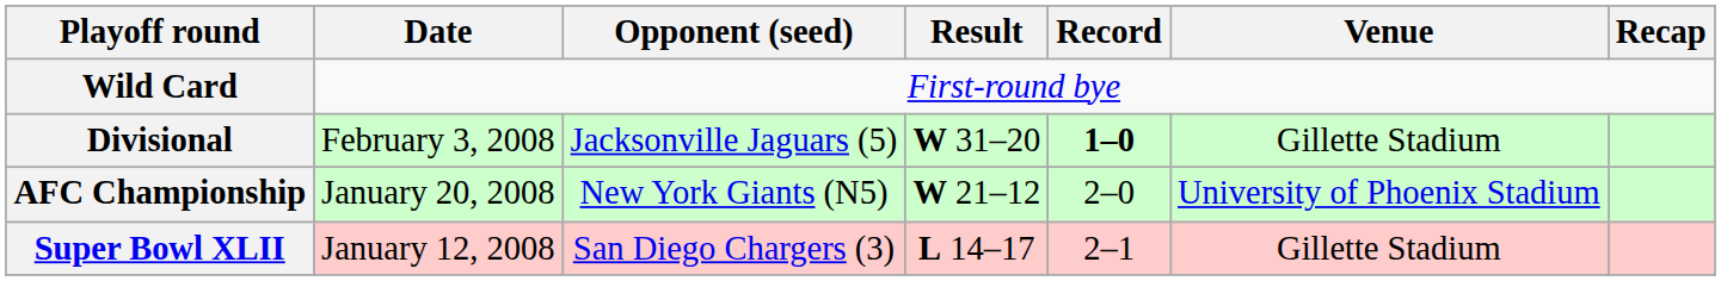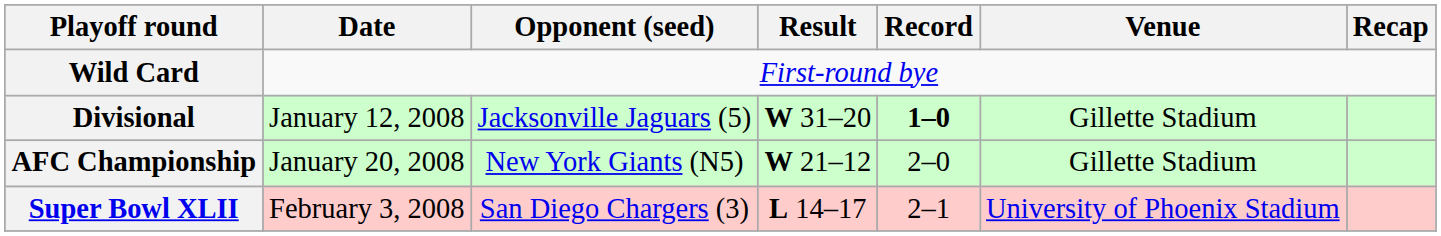 <table class="wikitable" style="text-align:center">
 <tr>
 <th>Playoff round</th>
 <th>Date</th>
 <th>Opponent (seed)</th>
 <th>Result</th>
 <th>Record</th>
 <th>Venue</th>
 <th>Recap</th>
 </tr>
 <tr style="text-align:center;">
 <th>Wild Card</th>
 <td colspan="8" style="text-align:center;"><em><a href='#'>First-round bye</a></em></td>
 </tr>
 <tr style="background:#cfc;">
 <th>Divisional</th>
-<td>February 3, 2008</td>
+<td>January 12, 2008</td>
 <td><a href='#'>Jacksonville Jaguars</a> (5)</td>
 <td><strong>W</strong> 31–20</td>
 <td><strong>1–0</strong></td>
 <td>Gillette Stadium</td>
 <td></td>
 </tr>
 <tr style="background:#cfc;">
 <th>AFC Championship</th>
 <td>January 20, 2008</td>
 <td><a href='#'>New York Giants</a> (N5)</td>
 <td><strong>W</strong> 21–12</td>
 <td>2–0</td>
-<td><a href='#'>University of Phoenix Stadium</a></td>
+<td>Gillette Stadium</td>
 <td></td>
 </tr>
 <tr style="background:#fcc;">
 <th><a href='#'>Super Bowl XLII</a></th>
-<td>January 12, 2008</td>
+<td>February 3, 2008</td>
 <td><a href='#'>San Diego Chargers</a> (3)</td>
 <td><strong>L</strong> 14–17</td>
 <td>2–1</td>
-<td>Gillette Stadium</td>
+<td><a href='#'>University of Phoenix Stadium</a></td>
 <td></td>
 </tr>
 </table>
